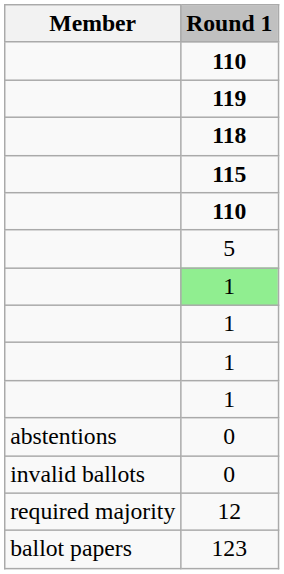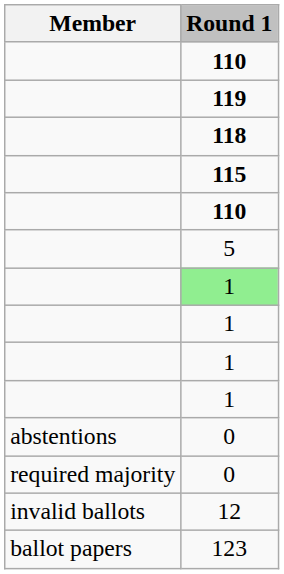 <table class="wikitable collapsible">
 <tr>
 <th>Member</th>
 <td style="background:silver;"><strong>Round 1</strong></td>
 </tr>
 <tr>
 <td></td>
 <td style="text-align:center;"><strong>110</strong></td>
 </tr>
 <tr>
 <td></td>
 <td style="text-align:center;"><strong>119</strong></td>
 </tr>
 <tr>
 <td></td>
 <td style="text-align:center;"><strong>118</strong></td>
 </tr>
 <tr>
 <td></td>
 <td style="text-align:center;"><strong>115</strong></td>
 </tr>
 <tr>
 <td></td>
 <td style="text-align:center;"><strong>110</strong></td>
 </tr>
 <tr>
 <td></td>
 <td style="text-align:center;">5</td>
 </tr>
 <tr>
 <td></td>
 <td style="background: lightgreen; text-align:center;">1</td>
 </tr>
 <tr>
 <td></td>
 <td style="text-align:center;">1</td>
 </tr>
 <tr>
 <td></td>
 <td style="text-align:center;">1</td>
 </tr>
 <tr>
 <td></td>
 <td style="text-align:center;">1</td>
 </tr>
 <tr>
 <td>abstentions</td>
 <td style="text-align:center;">0</td>
 </tr>
 <tr>
-<td>invalid ballots</td>
+<td>required majority</td>
 <td style="text-align:center;">0</td>
 </tr>
 <tr>
-<td>required majority</td>
+<td>invalid ballots</td>
 <td style="text-align:center;">12</td>
 </tr>
 <tr>
 <td>ballot papers</td>
 <td style="text-align:center;">123</td>
 </tr>
 </table>
